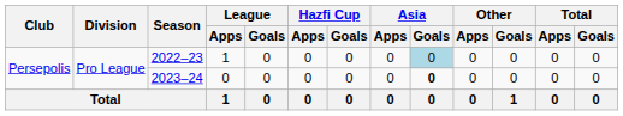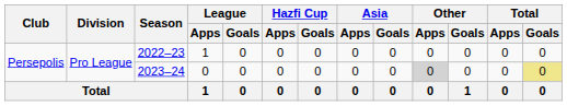 <table class="wikitable" style="text-align: center;">
 <tr>
 <th rowspan="2">Club</th>
 <th rowspan="2">Division</th>
 <th rowspan="2">Season</th>
 <th colspan="2">League</th>
 <th colspan="2"><a href='#'>Hazfi Cup</a></th>
 <th colspan="2"><a href='#'>Asia</a></th>
 <th colspan="2">Other</th>
 <th colspan="2">Total</th>
 </tr>
 <tr>
 <th>Apps</th>
 <th>Goals</th>
 <th>Apps</th>
 <th>Goals</th>
 <th>Apps</th>
 <th>Goals</th>
 <th>Apps</th>
 <th>Goals</th>
 <th>Apps</th>
 <th>Goals</th>
 </tr>
 <tr>
 <td rowspan="2"><a href='#'>Persepolis</a></td>
 <td rowspan="2"><a href='#'>Pro League</a></td>
 <td><a href='#'>2022–23</a></td>
 <td>1</td>
 <td>0</td>
 <td>0</td>
 <td>0</td>
 <td>0</td>
-<td style="background: lightblue;">0</td>
+<td>0</td>
 <td>0</td>
 <td>0</td>
 <td>0</td>
 <td>0</td>
 </tr>
 <tr>
 <td><a href='#'>2023–24</a></td>
 <td>0</td>
 <td>0</td>
 <td>0</td>
 <td>0</td>
 <td>0</td>
-<td><strong>0</strong></td>
+<td>0</td>
+<td style="background: lightgrey;">0</td>
 <td>0</td>
 <td>0</td>
-<td>0</td>
-<td>0</td>
+<td style="background: khaki;">0</td>
 </tr>
 <tr>
 <th colspan="3">Total</th>
 <th>1</th>
 <th>0</th>
 <th>0</th>
 <th>0</th>
 <th>0</th>
 <th>0</th>
 <th>0</th>
 <th>1</th>
 <th>0</th>
 <th>0</th>
 </tr>
 </table>
